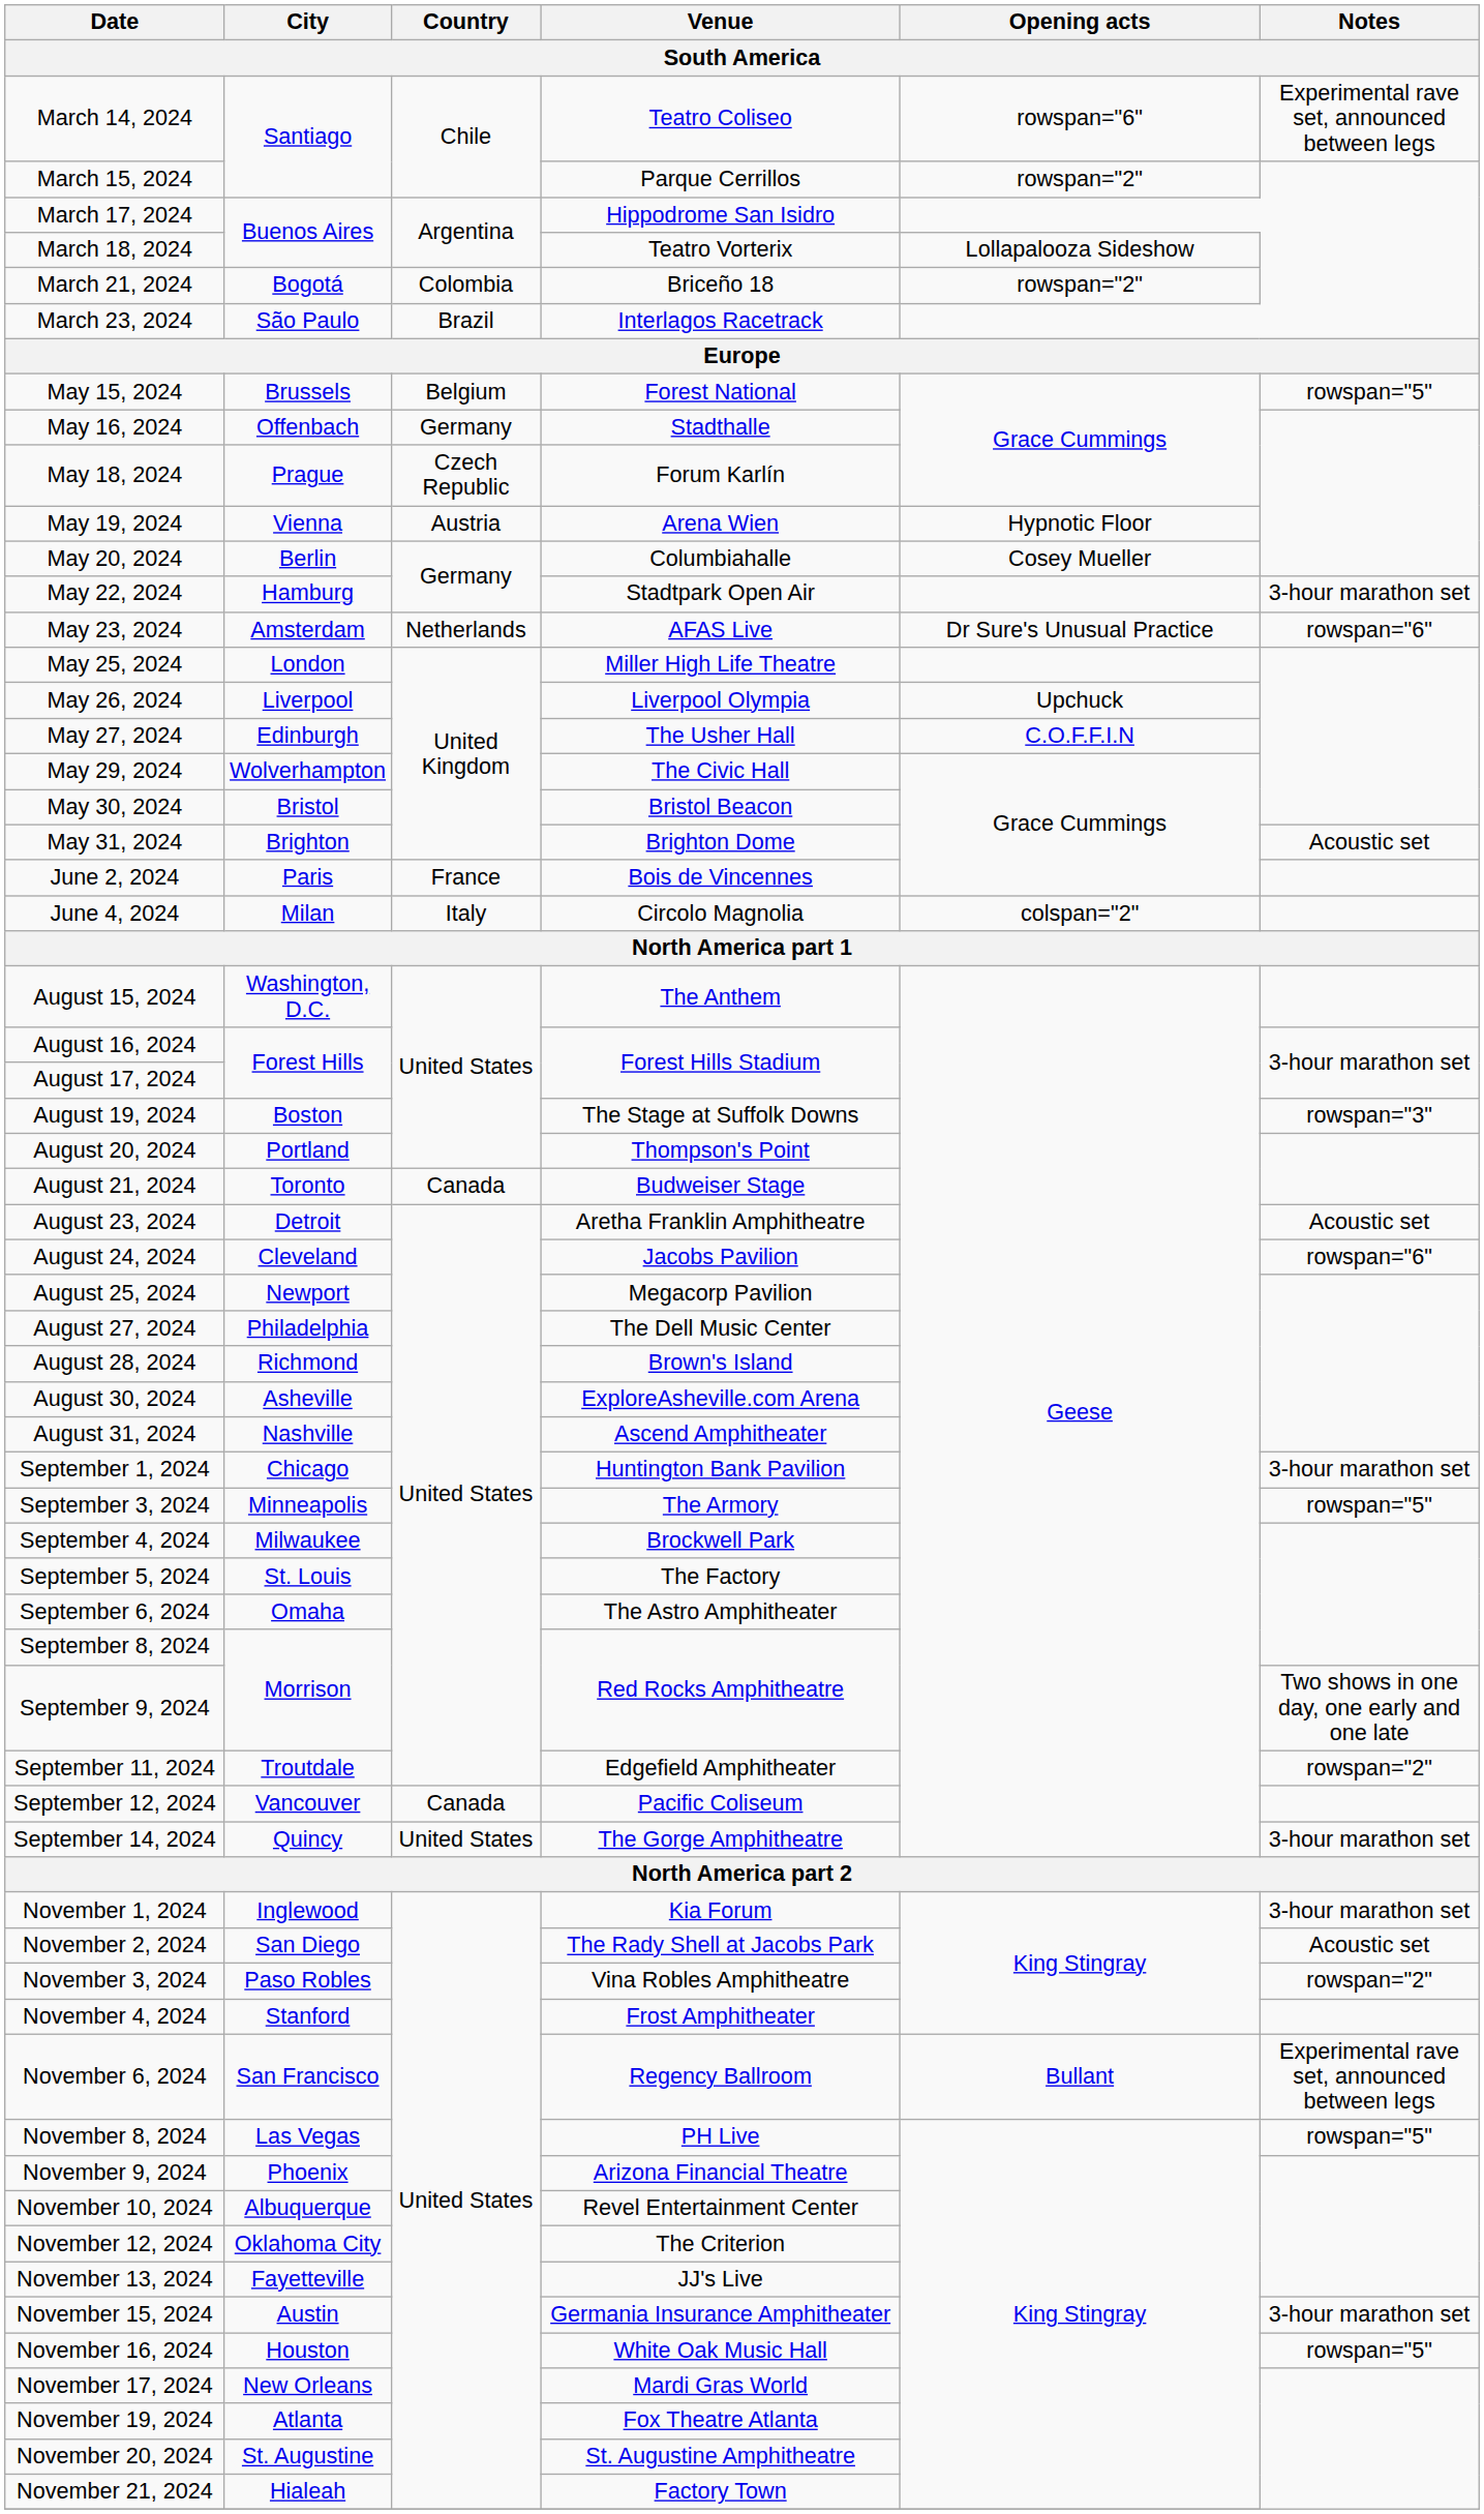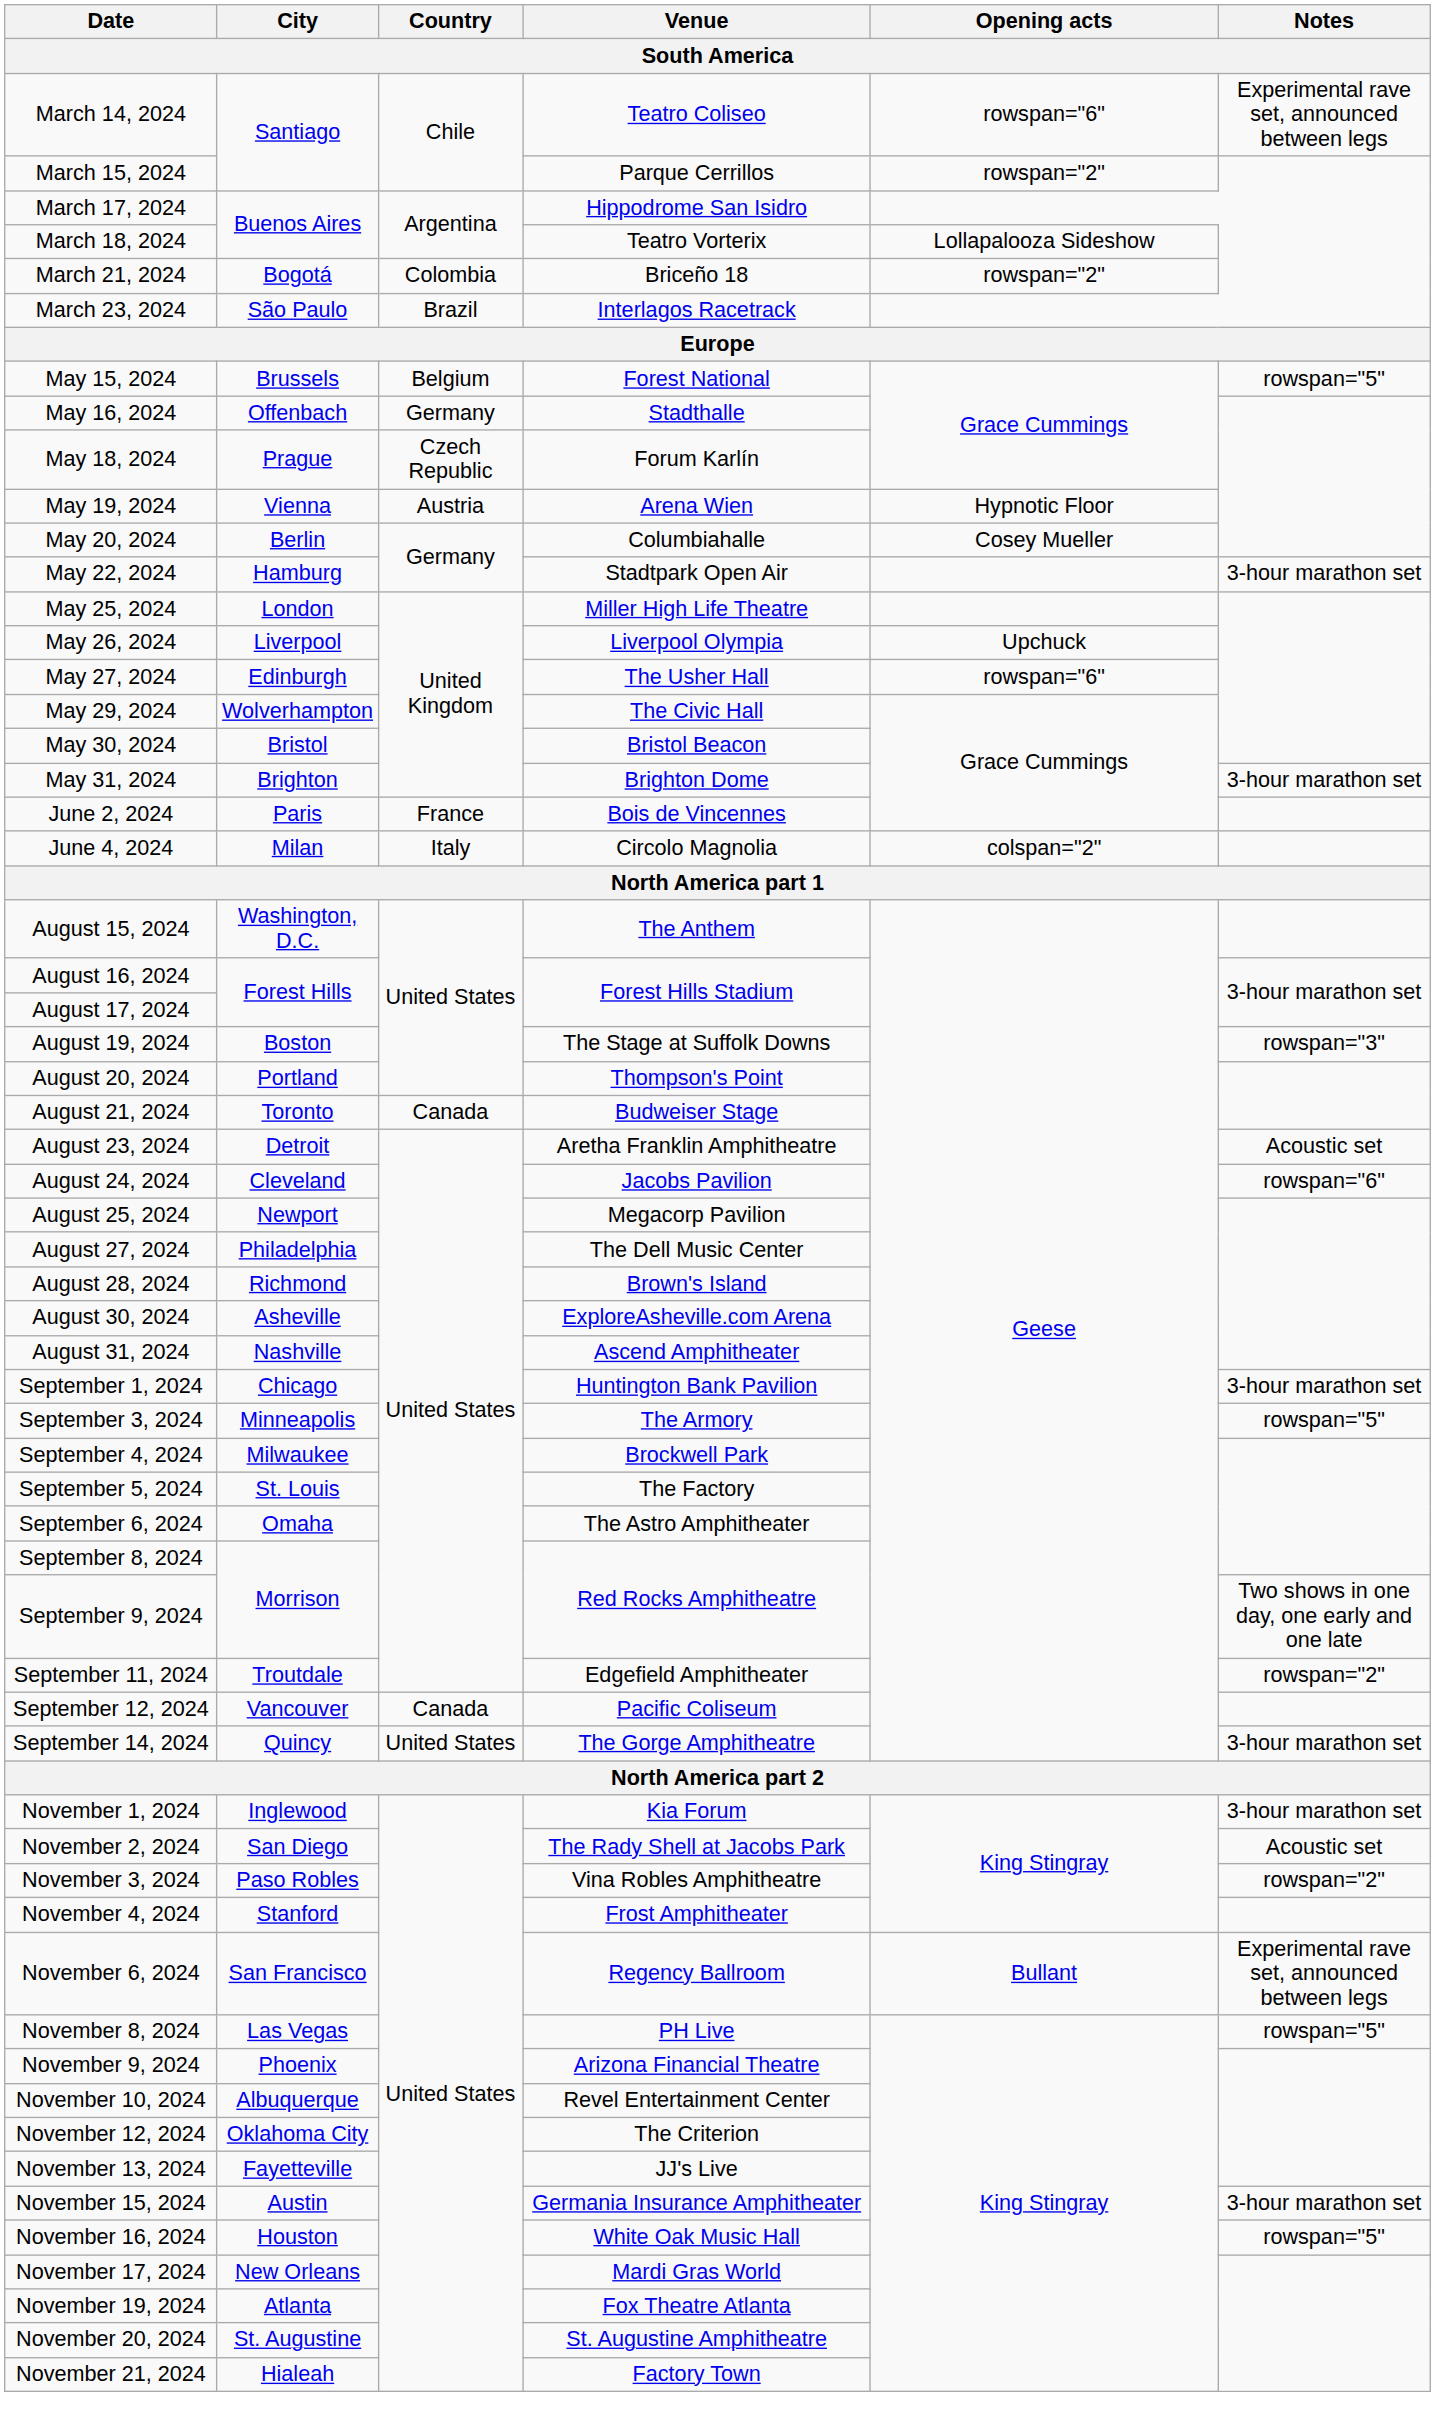 <table class="wikitable" style="text-align:center;">
 <tr>
 <th style="width:150px;">Date</th>
 <th style="width:100px;">City</th>
 <th style="width:100px;">Country</th>
 <th style="width:250px;">Venue</th>
 <th style="width:250px;">Opening acts</th>
 <th style="width:150px;">Notes</th>
 </tr>
 <tr>
 <th colspan="6">South America</th>
 </tr>
 <tr>
 <td>March 14, 2024</td>
 <td rowspan="2"><a href='#'>Santiago</a></td>
 <td rowspan="2">Chile</td>
 <td><a href='#'>Teatro Coliseo</a></td>
 <td>rowspan="6" </td>
 <td>Experimental rave set, announced between legs</td>
 </tr>
 <tr>
 <td>March 15, 2024</td>
 <td>Parque Cerrillos</td>
 <td>rowspan="2" </td>
 </tr>
 <tr>
 <td>March 17, 2024</td>
 <td rowspan="2"><a href='#'>Buenos Aires</a></td>
 <td rowspan="2">Argentina</td>
 <td><a href='#'>Hippodrome San Isidro</a></td>
 </tr>
 <tr>
 <td>March 18, 2024</td>
 <td>Teatro Vorterix</td>
 <td>Lollapalooza Sideshow</td>
 </tr>
 <tr>
 <td>March 21, 2024</td>
 <td><a href='#'>Bogotá</a></td>
 <td>Colombia</td>
 <td>Briceño 18</td>
 <td>rowspan="2" </td>
 </tr>
 <tr>
 <td>March 23, 2024</td>
 <td><a href='#'>São Paulo</a></td>
 <td>Brazil</td>
 <td><a href='#'>Interlagos Racetrack</a></td>
 </tr>
 <tr>
 <th colspan="6">Europe</th>
 </tr>
 <tr>
 <td>May 15, 2024</td>
 <td><a href='#'>Brussels</a></td>
 <td>Belgium</td>
 <td><a href='#'>Forest National</a></td>
 <td rowspan="3"><a href='#'>Grace Cummings</a></td>
 <td>rowspan="5" </td>
 </tr>
 <tr>
 <td>May 16, 2024</td>
 <td><a href='#'>Offenbach</a></td>
 <td>Germany</td>
 <td><a href='#'>Stadthalle</a></td>
 </tr>
 <tr>
 <td>May 18, 2024</td>
 <td><a href='#'>Prague</a></td>
 <td>Czech Republic</td>
 <td>Forum Karlín</td>
 </tr>
 <tr>
 <td>May 19, 2024</td>
 <td><a href='#'>Vienna</a></td>
 <td>Austria</td>
 <td><a href='#'>Arena Wien</a></td>
 <td>Hypnotic Floor</td>
 </tr>
 <tr>
 <td>May 20, 2024</td>
 <td><a href='#'>Berlin</a></td>
 <td rowspan="2">Germany</td>
 <td>Columbiahalle</td>
 <td>Cosey Mueller</td>
 </tr>
 <tr>
 <td>May 22, 2024</td>
 <td><a href='#'>Hamburg</a></td>
 <td>Stadtpark Open Air</td>
 <td></td>
 <td>3-hour marathon set</td>
 </tr>
 <tr>
-<td>May 23, 2024</td>
-<td><a href='#'>Amsterdam</a></td>
-<td>Netherlands</td>
-<td><a href='#'>AFAS Live</a></td>
-<td rowspan="1">Dr Sure's Unusual Practice</td>
-<td>rowspan="6" </td>
-</tr>
-<tr>
 <td>May 25, 2024</td>
 <td><a href='#'>London</a></td>
 <td rowspan="6">United Kingdom</td>
 <td><a href='#'>Miller High Life Theatre</a></td>
 <td></td>
 </tr>
 <tr>
 <td>May 26, 2024</td>
 <td><a href='#'>Liverpool</a></td>
 <td><a href='#'>Liverpool Olympia</a></td>
 <td>Upchuck</td>
 </tr>
 <tr>
 <td>May 27, 2024</td>
 <td><a href='#'>Edinburgh</a></td>
 <td><a href='#'>The Usher Hall</a></td>
-<td><a href='#'>C.O.F.F.I.N</a></td>
+<td>rowspan="6" </td>
 </tr>
 <tr>
 <td>May 29, 2024</td>
 <td><a href='#'>Wolverhampton</a></td>
 <td><a href='#'>The Civic Hall</a></td>
 <td rowspan="4">Grace Cummings</td>
 </tr>
 <tr>
 <td>May 30, 2024</td>
 <td><a href='#'>Bristol</a></td>
 <td><a href='#'>Bristol Beacon</a></td>
 </tr>
 <tr>
 <td>May 31, 2024</td>
 <td><a href='#'>Brighton</a></td>
 <td><a href='#'>Brighton Dome</a></td>
-<td>Acoustic set</td>
+<td>3-hour marathon set</td>
 </tr>
 <tr>
 <td>June 2, 2024</td>
 <td><a href='#'>Paris</a></td>
 <td>France</td>
 <td><a href='#'>Bois de Vincennes</a></td>
 <td></td>
 </tr>
 <tr>
 <td>June 4, 2024</td>
 <td><a href='#'>Milan</a></td>
 <td>Italy</td>
 <td>Circolo Magnolia</td>
 <td>colspan="2" </td>
 </tr>
 <tr>
 <th colspan="6">North America part 1</th>
 </tr>
 <tr>
 <td>August 15, 2024</td>
 <td><a href='#'>Washington, D.C.</a></td>
 <td rowspan="5">United States</td>
 <td><a href='#'>The Anthem</a></td>
 <td rowspan="23"><a href='#'>Geese</a></td>
 <td></td>
 </tr>
 <tr>
 <td>August 16, 2024</td>
 <td rowspan="2"><a href='#'>Forest Hills</a></td>
 <td rowspan="2"><a href='#'>Forest Hills Stadium</a></td>
 <td rowspan="2">3-hour marathon set</td>
 </tr>
 <tr>
 <td>August 17, 2024</td>
 </tr>
 <tr>
 <td>August 19, 2024</td>
 <td><a href='#'>Boston</a></td>
 <td>The Stage at Suffolk Downs</td>
 <td>rowspan="3" </td>
 </tr>
 <tr>
 <td>August 20, 2024</td>
 <td><a href='#'>Portland</a></td>
 <td><a href='#'>Thompson's Point</a></td>
 </tr>
 <tr>
 <td>August 21, 2024</td>
 <td><a href='#'>Toronto</a></td>
 <td>Canada</td>
 <td><a href='#'>Budweiser Stage</a></td>
 </tr>
 <tr>
 <td>August 23, 2024</td>
 <td><a href='#'>Detroit</a></td>
 <td rowspan="15">United States</td>
 <td>Aretha Franklin Amphitheatre</td>
 <td>Acoustic set</td>
 </tr>
 <tr>
 <td>August 24, 2024</td>
 <td><a href='#'>Cleveland</a></td>
 <td><a href='#'>Jacobs Pavilion</a></td>
 <td>rowspan="6" </td>
 </tr>
 <tr>
 <td>August 25, 2024</td>
 <td><a href='#'>Newport</a></td>
 <td>Megacorp Pavilion</td>
 </tr>
 <tr>
 <td>August 27, 2024</td>
 <td><a href='#'>Philadelphia</a></td>
 <td>The Dell Music Center</td>
 </tr>
 <tr>
 <td>August 28, 2024</td>
 <td><a href='#'>Richmond</a></td>
 <td><a href='#'>Brown's Island</a></td>
 </tr>
 <tr>
 <td>August 30, 2024</td>
 <td><a href='#'>Asheville</a></td>
 <td><a href='#'>ExploreAsheville.com Arena</a></td>
 </tr>
 <tr>
 <td>August 31, 2024</td>
 <td><a href='#'>Nashville</a></td>
 <td><a href='#'>Ascend Amphitheater</a></td>
 </tr>
 <tr>
 <td>September 1, 2024</td>
 <td><a href='#'>Chicago</a></td>
 <td><a href='#'>Huntington Bank Pavilion</a></td>
 <td>3-hour marathon set</td>
 </tr>
 <tr>
 <td>September 3, 2024</td>
 <td><a href='#'>Minneapolis</a></td>
 <td><a href='#'>The Armory</a></td>
 <td>rowspan="5" </td>
 </tr>
 <tr>
 <td>September 4, 2024</td>
 <td><a href='#'>Milwaukee</a></td>
 <td><a href='#'>Brockwell Park</a></td>
 </tr>
 <tr>
 <td>September 5, 2024</td>
 <td><a href='#'>St. Louis</a></td>
 <td>The Factory</td>
 </tr>
 <tr>
 <td>September 6, 2024</td>
 <td><a href='#'>Omaha</a></td>
 <td>The Astro Amphitheater</td>
 </tr>
 <tr>
 <td>September 8, 2024</td>
 <td rowspan="2"><a href='#'>Morrison</a></td>
 <td rowspan="2"><a href='#'>Red Rocks Amphitheatre</a></td>
 </tr>
 <tr>
 <td>September 9, 2024</td>
 <td>Two shows in one day, one early and one late</td>
 </tr>
 <tr>
 <td>September 11, 2024</td>
 <td><a href='#'>Troutdale</a></td>
 <td>Edgefield Amphitheater</td>
 <td>rowspan="2" </td>
 </tr>
 <tr>
 <td>September 12, 2024</td>
 <td><a href='#'>Vancouver</a></td>
 <td>Canada</td>
 <td><a href='#'>Pacific Coliseum</a></td>
 </tr>
 <tr>
 <td>September 14, 2024</td>
 <td><a href='#'>Quincy</a></td>
 <td>United States</td>
 <td><a href='#'>The Gorge Amphitheatre</a></td>
 <td>3-hour marathon set</td>
 </tr>
 <tr>
 <th colspan="6">North America part 2</th>
 </tr>
 <tr>
 <td>November 1, 2024</td>
 <td><a href='#'>Inglewood</a></td>
 <td rowspan="16">United States</td>
 <td><a href='#'>Kia Forum</a></td>
 <td rowspan="4"><a href='#'>King Stingray</a></td>
 <td>3-hour marathon set</td>
 </tr>
 <tr>
 <td>November 2, 2024</td>
 <td><a href='#'>San Diego</a></td>
 <td><a href='#'>The Rady Shell at Jacobs Park</a></td>
 <td>Acoustic set</td>
 </tr>
 <tr>
 <td>November 3, 2024</td>
 <td><a href='#'>Paso Robles</a></td>
 <td>Vina Robles Amphitheatre</td>
 <td>rowspan="2" </td>
 </tr>
 <tr>
 <td>November 4, 2024</td>
 <td><a href='#'>Stanford</a></td>
 <td><a href='#'>Frost Amphitheater</a></td>
 </tr>
 <tr>
 <td>November 6, 2024</td>
 <td><a href='#'>San Francisco</a></td>
 <td><a href='#'>Regency Ballroom</a></td>
 <td><a href='#'>Bullant</a></td>
 <td>Experimental rave set, announced between legs</td>
 </tr>
 <tr>
 <td>November 8, 2024</td>
 <td><a href='#'>Las Vegas</a></td>
 <td><a href='#'>PH Live</a></td>
 <td rowspan="11"><a href='#'>King Stingray</a></td>
 <td>rowspan="5" </td>
 </tr>
 <tr>
 <td>November 9, 2024</td>
 <td><a href='#'>Phoenix</a></td>
 <td><a href='#'>Arizona Financial Theatre</a></td>
 </tr>
 <tr>
 <td>November 10, 2024</td>
 <td><a href='#'>Albuquerque</a></td>
 <td>Revel Entertainment Center</td>
 </tr>
 <tr>
 <td>November 12, 2024</td>
 <td><a href='#'>Oklahoma City</a></td>
 <td>The Criterion</td>
 </tr>
 <tr>
 <td>November 13, 2024</td>
 <td><a href='#'>Fayetteville</a></td>
 <td>JJ's Live</td>
 </tr>
 <tr>
 <td>November 15, 2024</td>
 <td><a href='#'>Austin</a></td>
 <td><a href='#'>Germania Insurance Amphitheater</a></td>
 <td>3-hour marathon set</td>
 </tr>
 <tr>
 <td>November 16, 2024</td>
 <td><a href='#'>Houston</a></td>
 <td><a href='#'>White Oak Music Hall</a></td>
 <td>rowspan="5" </td>
 </tr>
 <tr>
 <td>November 17, 2024</td>
 <td><a href='#'>New Orleans</a></td>
 <td><a href='#'>Mardi Gras World</a></td>
 </tr>
 <tr>
 <td>November 19, 2024</td>
 <td><a href='#'>Atlanta</a></td>
 <td><a href='#'>Fox Theatre Atlanta</a></td>
 </tr>
 <tr>
 <td>November 20, 2024</td>
 <td><a href='#'>St. Augustine</a></td>
 <td><a href='#'>St. Augustine Amphitheatre</a></td>
 </tr>
 <tr>
 <td>November 21, 2024</td>
 <td><a href='#'>Hialeah</a></td>
 <td><a href='#'>Factory Town</a></td>
 </tr>
 <tr>
 </tr>
 </table>
